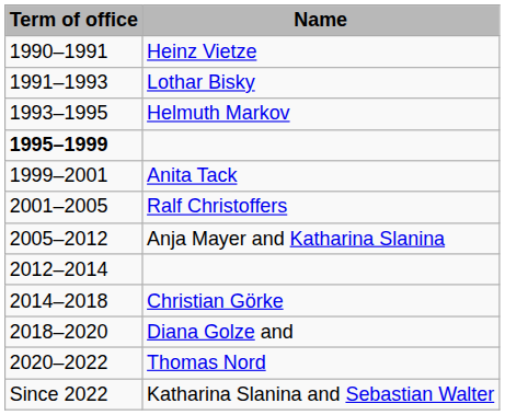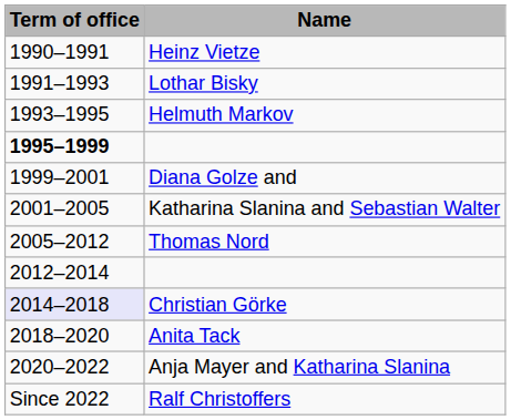 <table class="wikitable">
 <tr>
 <th style="background:#B8B8B8"><strong>Term of office</strong></th>
 <th style="background:#B8B8B8">Name</th>
 </tr>
 <tr>
 <td>1990–1991</td>
 <td><a href='#'>Heinz Vietze</a></td>
 </tr>
 <tr>
 <td>1991–1993</td>
 <td><a href='#'>Lothar Bisky</a></td>
 </tr>
 <tr>
 <td>1993–1995</td>
 <td><a href='#'>Helmuth Markov</a></td>
 </tr>
 <tr>
 <td><strong>1995–1999</strong></td>
 <td></td>
 </tr>
 <tr>
 <td>1999–2001</td>
-<td><a href='#'>Anita Tack</a></td>
+<td><a href='#'>Diana Golze</a> and </td>
 </tr>
 <tr>
 <td>2001–2005</td>
-<td><a href='#'>Ralf Christoffers</a></td>
+<td>Katharina Slanina and <a href='#'>Sebastian Walter</a></td>
 </tr>
 <tr>
 <td>2005–2012</td>
-<td>Anja Mayer and <a href='#'>Katharina Slanina</a></td>
+<td><a href='#'>Thomas Nord</a></td>
 </tr>
 <tr>
 <td>2012–2014</td>
 <td></td>
 </tr>
 <tr>
-<td>2014–2018</td>
+<td style="background: lavender;">2014–2018</td>
 <td><a href='#'>Christian Görke</a></td>
 </tr>
 <tr>
 <td>2018–2020</td>
-<td><a href='#'>Diana Golze</a> and </td>
+<td><a href='#'>Anita Tack</a></td>
 </tr>
 <tr>
 <td>2020–2022</td>
-<td><a href='#'>Thomas Nord</a></td>
+<td>Anja Mayer and <a href='#'>Katharina Slanina</a></td>
 </tr>
 <tr>
 <td>Since 2022</td>
-<td>Katharina Slanina and <a href='#'>Sebastian Walter</a></td>
+<td><a href='#'>Ralf Christoffers</a></td>
 </tr>
 </table>
